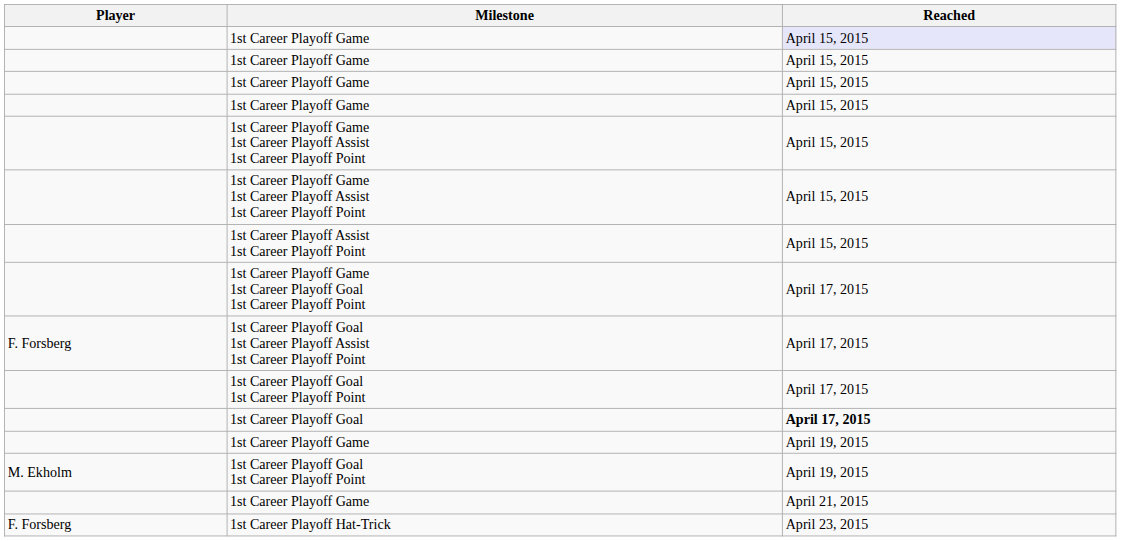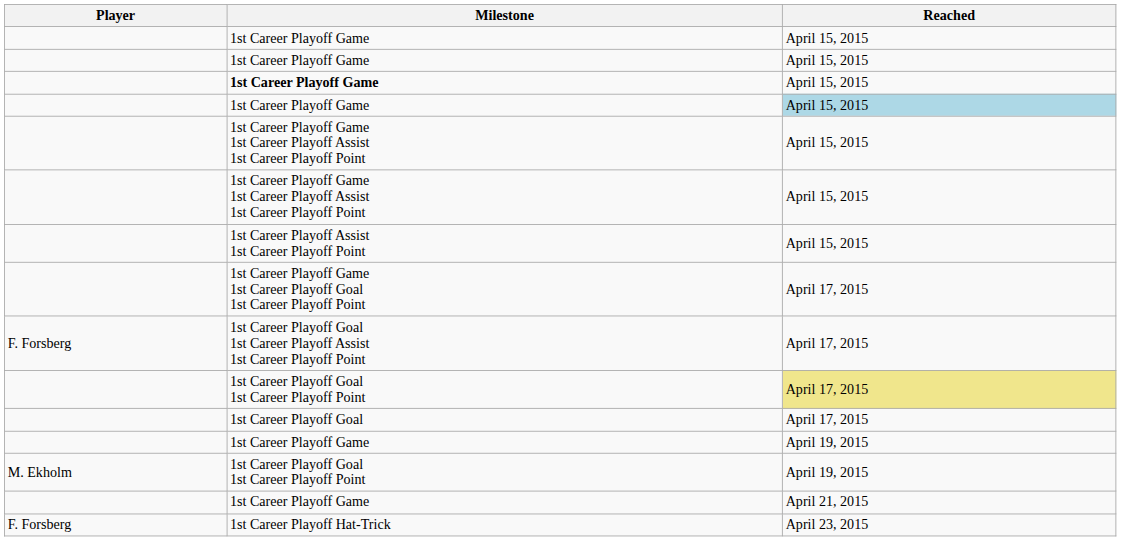 <table class="wikitable sortable" style="width:100%;">
 <tr align=center>
 <th style="width:20%;">Player</th>
 <th style="width:50%;">Milestone</th>
 <th style="width:30%;" data-sort-type="date">Reached</th>
-</tr>
-<tr>
-<td></td>
-<td>1st Career Playoff Game</td>
-<td style="background: lavender;">April 15, 2015</td>
 </tr>
 <tr>
 <td></td>
 <td>1st Career Playoff Game</td>
 <td>April 15, 2015</td>
 </tr>
 <tr>
 <td></td>
 <td>1st Career Playoff Game</td>
 <td>April 15, 2015</td>
 </tr>
 <tr>
 <td></td>
+<td><strong>1st Career Playoff Game</strong></td>
+<td>April 15, 2015</td>
+</tr>
+<tr>
+<td></td>
 <td>1st Career Playoff Game</td>
-<td>April 15, 2015</td>
+<td style="background: lightblue;">April 15, 2015</td>
 </tr>
 <tr>
 <td></td>
 <td>1st Career Playoff Game<br>1st Career Playoff Assist<br>1st Career Playoff Point</td>
 <td>April 15, 2015</td>
 </tr>
 <tr>
 <td></td>
 <td>1st Career Playoff Game<br>1st Career Playoff Assist<br>1st Career Playoff Point</td>
 <td>April 15, 2015</td>
 </tr>
 <tr>
 <td></td>
 <td>1st Career Playoff Assist<br>1st Career Playoff Point</td>
 <td>April 15, 2015</td>
 </tr>
 <tr>
 <td></td>
 <td>1st Career Playoff Game<br>1st Career Playoff Goal<br>1st Career Playoff Point</td>
 <td>April 17, 2015</td>
 </tr>
 <tr>
 <td>F. Forsberg</td>
 <td>1st Career Playoff Goal<br>1st Career Playoff Assist<br>1st Career Playoff Point</td>
 <td>April 17, 2015</td>
 </tr>
 <tr>
 <td></td>
 <td>1st Career Playoff Goal<br>1st Career Playoff Point</td>
-<td>April 17, 2015</td>
+<td style="background: khaki;">April 17, 2015</td>
 </tr>
 <tr>
 <td></td>
 <td>1st Career Playoff Goal</td>
-<td><strong>April 17, 2015</strong></td>
+<td>April 17, 2015</td>
 </tr>
 <tr>
 <td></td>
 <td>1st Career Playoff Game</td>
 <td>April 19, 2015</td>
 </tr>
 <tr>
 <td>M. Ekholm</td>
 <td>1st Career Playoff Goal<br>1st Career Playoff Point</td>
 <td>April 19, 2015</td>
 </tr>
 <tr>
 <td></td>
 <td>1st Career Playoff Game</td>
 <td>April 21, 2015</td>
 </tr>
 <tr>
 <td>F. Forsberg</td>
 <td>1st Career Playoff Hat-Trick</td>
 <td>April 23, 2015</td>
 </tr>
 </table>
